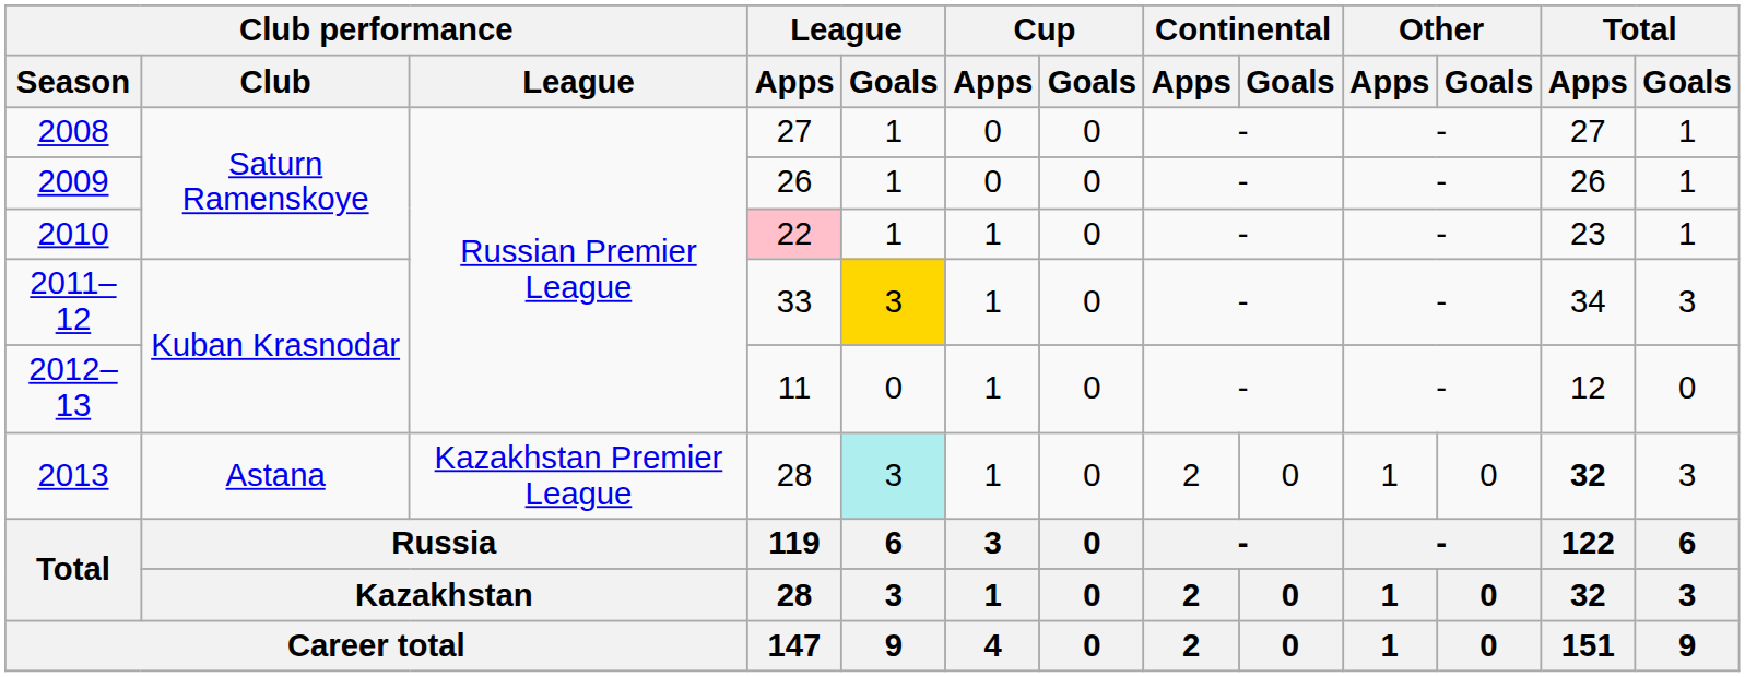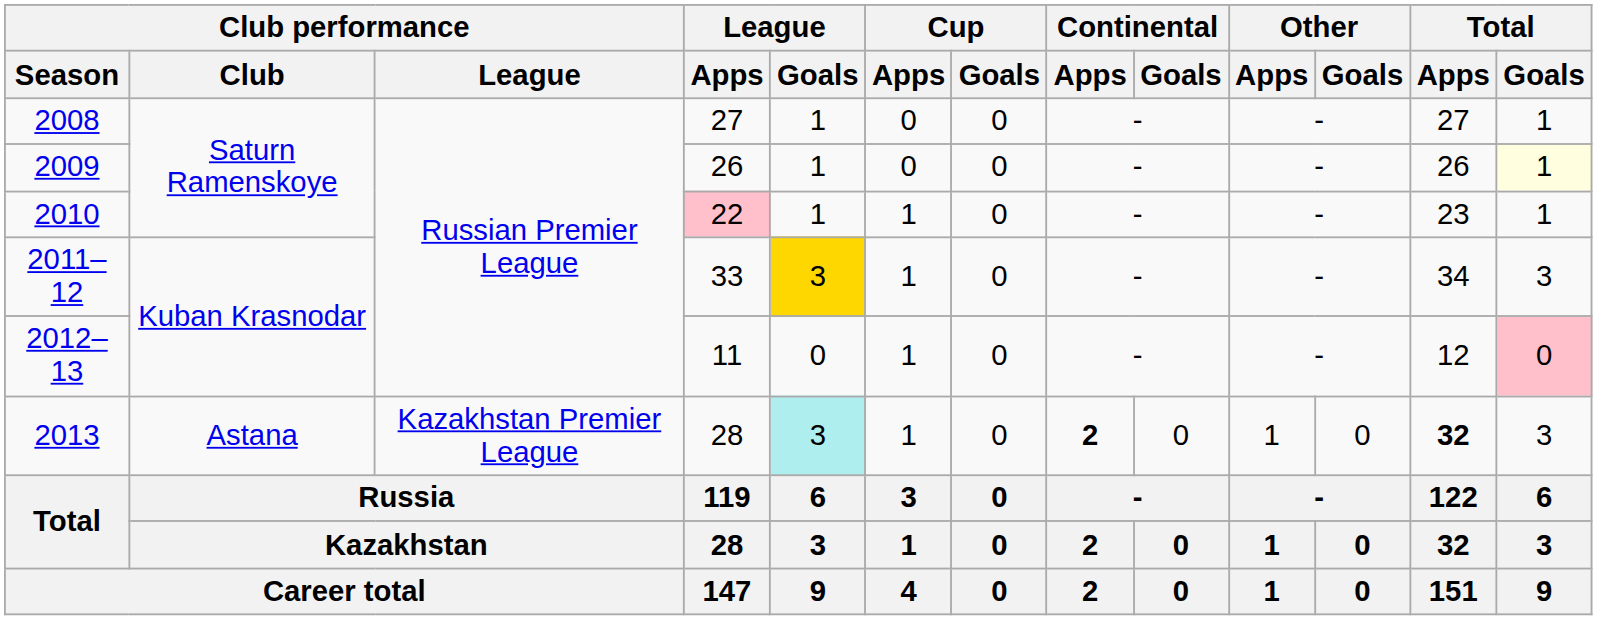 <table class="wikitable" style="text-align:center">
 <tr>
 <th colspan=3>Club performance</th>
 <th colspan=2>League</th>
 <th colspan=2>Cup</th>
 <th colspan=2>Continental</th>
 <th colspan=2>Other</th>
 <th colspan=2>Total</th>
 </tr>
 <tr>
 <th>Season</th>
 <th>Club</th>
 <th>League</th>
 <th>Apps</th>
 <th>Goals</th>
 <th>Apps</th>
 <th>Goals</th>
 <th>Apps</th>
 <th>Goals</th>
 <th>Apps</th>
 <th>Goals</th>
 <th>Apps</th>
 <th>Goals</th>
 </tr>
 <tr>
 <td><a href='#'>2008</a></td>
 <td rowspan="3"><a href='#'>Saturn Ramenskoye</a></td>
 <td rowspan="5"><a href='#'>Russian Premier League</a></td>
 <td>27</td>
 <td>1</td>
 <td>0</td>
 <td>0</td>
 <td colspan="2">-</td>
 <td colspan="2">-</td>
 <td>27</td>
 <td>1</td>
 </tr>
 <tr>
 <td><a href='#'>2009</a></td>
 <td>26</td>
 <td>1</td>
 <td>0</td>
 <td>0</td>
 <td colspan="2">-</td>
 <td colspan="2">-</td>
 <td>26</td>
-<td>1</td>
+<td style="background: lightyellow;">1</td>
 </tr>
 <tr>
 <td><a href='#'>2010</a></td>
 <td style="background: pink;">22</td>
 <td>1</td>
 <td>1</td>
 <td>0</td>
 <td colspan="2">-</td>
 <td colspan="2">-</td>
 <td>23</td>
 <td>1</td>
 </tr>
 <tr>
 <td><a href='#'>2011–12</a></td>
 <td rowspan="2"><a href='#'>Kuban Krasnodar</a></td>
 <td>33</td>
 <td style="background: gold;">3</td>
 <td>1</td>
 <td>0</td>
 <td colspan="2">-</td>
 <td colspan="2">-</td>
 <td>34</td>
 <td>3</td>
 </tr>
 <tr>
 <td><a href='#'>2012–13</a></td>
 <td>11</td>
 <td>0</td>
 <td>1</td>
 <td>0</td>
 <td colspan="2">-</td>
 <td colspan="2">-</td>
 <td>12</td>
-<td>0</td>
+<td style="background: pink;">0</td>
 </tr>
 <tr>
 <td><a href='#'>2013</a></td>
 <td><a href='#'>Astana</a></td>
 <td><a href='#'>Kazakhstan Premier League</a></td>
 <td>28</td>
 <td style="background: paleturquoise;">3</td>
 <td>1</td>
 <td>0</td>
-<td>2</td>
+<td><strong>2</strong></td>
 <td>0</td>
 <td>1</td>
 <td>0</td>
 <td><strong>32</strong></td>
 <td>3</td>
 </tr>
 <tr>
 <th rowspan=2>Total</th>
 <th colspan=2>Russia</th>
 <th>119</th>
 <th>6</th>
 <th>3</th>
 <th>0</th>
 <th colspan="2">-</th>
 <th colspan="2">-</th>
 <th>122</th>
 <th>6</th>
 </tr>
 <tr>
 <th colspan=2>Kazakhstan</th>
 <th>28</th>
 <th>3</th>
 <th>1</th>
 <th>0</th>
 <th>2</th>
 <th>0</th>
 <th>1</th>
 <th>0</th>
 <th>32</th>
 <th>3</th>
 </tr>
 <tr>
 <th colspan=3>Career total</th>
 <th>147</th>
 <th>9</th>
 <th>4</th>
 <th>0</th>
 <th>2</th>
 <th>0</th>
 <th>1</th>
 <th>0</th>
 <th>151</th>
 <th>9</th>
 </tr>
 </table>
